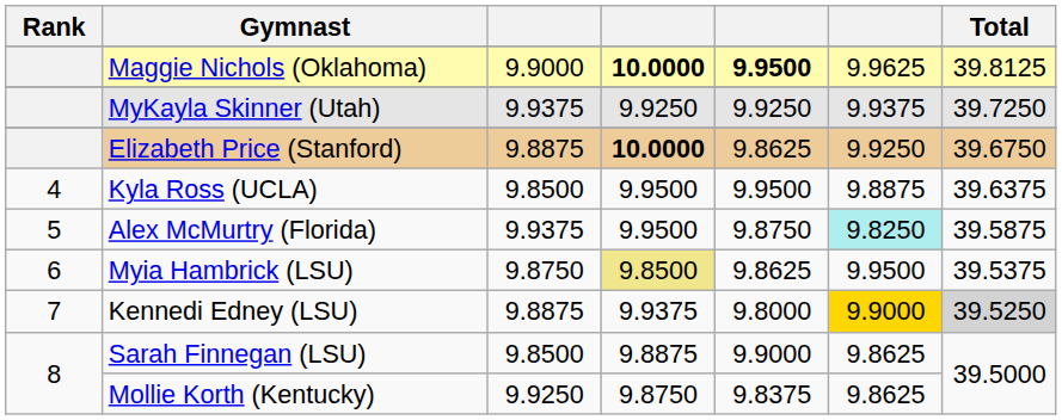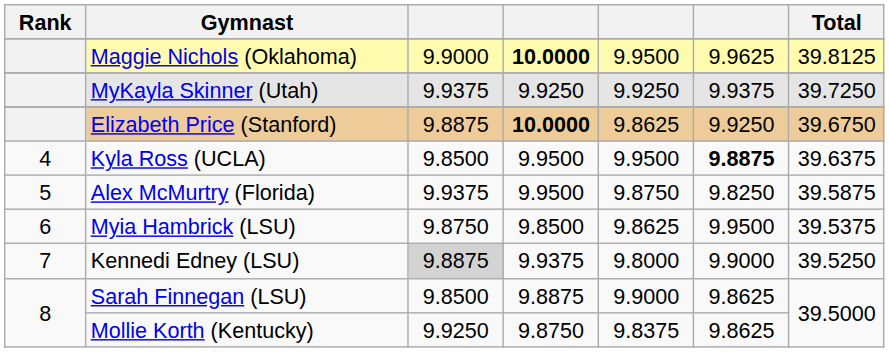 <table class="wikitable sortable" style="text-align:center; font-size:95%">
 <tr>
 <th scope="col" style="width:50px;">Rank</th>
 <th scope="col" style="width:220px;">Gymnast</th>
 <th scope="col" style="width:60px;"></th>
 <th scope="col" style="width:60px;"></th>
 <th scope="col" style="width:60px;"></th>
 <th scope="col" style="width:60px;"></th>
 <th scope="col" style="width:60px;">Total</th>
 </tr>
 <tr>
 </tr>
 <tr style="background:#fffcaf;">
 <th scope=row style="text-align:center"></th>
 <td style="text-align:left;"><a href='#'>Maggie Nichols</a> (Oklahoma)</td>
 <td>9.9000</td>
 <td><strong>10.0000</strong></td>
-<td><strong>9.9500</strong></td>
+<td>9.9500</td>
 <td>9.9625</td>
 <td>39.8125</td>
 </tr>
 <tr>
 </tr>
 <tr style="background:#e5e5e5;">
 <th scope=row style="text-align:center"></th>
 <td style="text-align:left;"><a href='#'>MyKayla Skinner</a> (Utah)</td>
 <td>9.9375</td>
 <td>9.9250</td>
 <td>9.9250</td>
 <td>9.9375</td>
 <td>39.7250</td>
 </tr>
 <tr>
 </tr>
 <tr style="background:#ec9;">
 <th scope=row style="text-align:center"></th>
 <td style="text-align:left;"><a href='#'>Elizabeth Price</a> (Stanford)</td>
 <td>9.8875</td>
 <td><strong>10.0000</strong></td>
 <td>9.8625</td>
 <td>9.9250</td>
 <td>39.6750</td>
 </tr>
 <tr>
 <td>4</td>
 <td style="text-align:left;"><a href='#'>Kyla Ross</a> (UCLA)</td>
 <td>9.8500</td>
 <td>9.9500</td>
 <td>9.9500</td>
-<td>9.8875</td>
+<td><strong>9.8875</strong></td>
 <td>39.6375</td>
 </tr>
 <tr>
 <td>5</td>
 <td style="text-align:left;"><a href='#'>Alex McMurtry</a> (Florida)</td>
 <td>9.9375</td>
 <td>9.9500</td>
 <td>9.8750</td>
-<td style="background: paleturquoise;">9.8250</td>
+<td>9.8250</td>
 <td>39.5875</td>
 </tr>
 <tr>
 <td>6</td>
 <td style="text-align:left;"><a href='#'>Myia Hambrick</a> (LSU)</td>
 <td>9.8750</td>
-<td style="background: khaki;">9.8500</td>
+<td>9.8500</td>
 <td>9.8625</td>
 <td>9.9500</td>
 <td>39.5375</td>
 </tr>
 <tr>
 <td>7</td>
 <td style="text-align:left;">Kennedi Edney (LSU)</td>
-<td>9.8875</td>
+<td style="background: lightgrey;">9.8875</td>
 <td>9.9375</td>
 <td>9.8000</td>
-<td style="background: gold;">9.9000</td>
-<td style="background: lightgrey;">39.5250</td>
+<td>9.9000</td>
+<td>39.5250</td>
 </tr>
 <tr>
 <td rowspan="2">8</td>
 <td style="text-align:left;"><a href='#'>Sarah Finnegan</a> (LSU)</td>
 <td>9.8500</td>
 <td>9.8875</td>
 <td>9.9000</td>
 <td>9.8625</td>
 <td rowspan="2">39.5000</td>
 </tr>
 <tr>
 <td style="text-align:left;"><a href='#'>Mollie Korth</a> (Kentucky)</td>
 <td>9.9250</td>
 <td>9.8750</td>
 <td>9.8375</td>
 <td>9.8625</td>
 </tr>
 </table>
